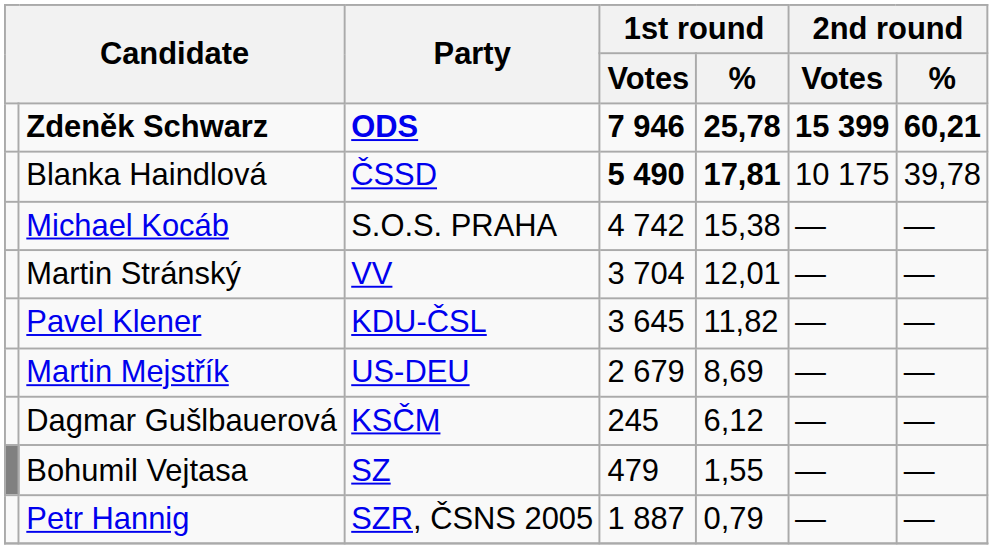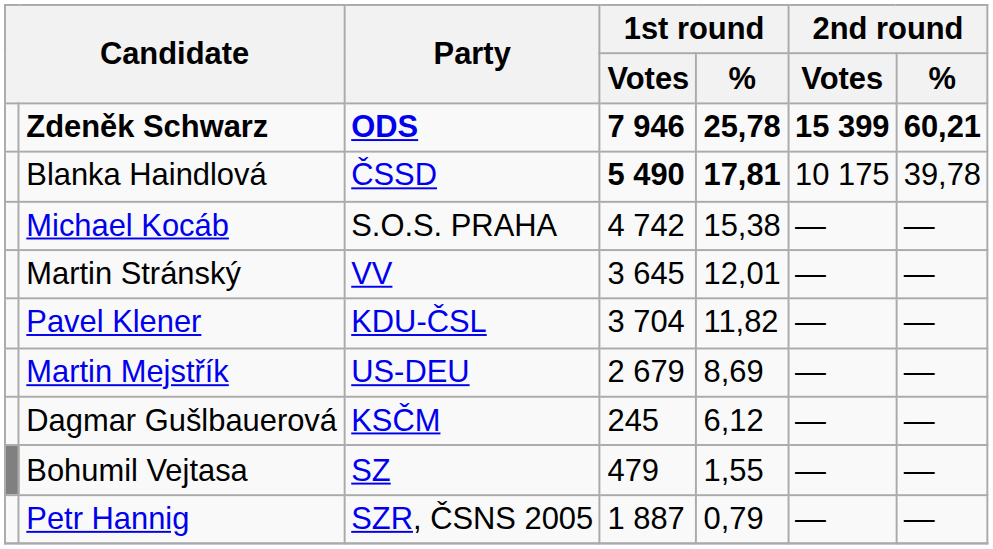 <table class="wikitable sortable">
 <tr>
 <th colspan="2" rowspan="2">Candidate</th>
 <th rowspan="2">Party</th>
 <th colspan="2">1st round</th>
 <th colspan="2">2nd round</th>
 </tr>
 <tr>
 <th>Votes</th>
 <th>%</th>
 <th>Votes</th>
 <th>%</th>
 </tr>
 <tr>
 <td style="background-color:"></td>
 <td><strong>Zdeněk Schwarz</strong></td>
 <td><a href='#'><strong>ODS</strong></a></td>
 <td><strong>7 946</strong></td>
 <td><strong>25,78</strong></td>
 <td><strong>15 399</strong></td>
 <td><strong>60,21</strong></td>
 </tr>
 <tr>
 <td style="background-color:"></td>
 <td>Blanka Haindlová</td>
 <td><a href='#'>ČSSD</a></td>
 <td><strong>5 490</strong></td>
 <td><strong>17,81</strong></td>
 <td>10 175</td>
 <td>39,78</td>
 </tr>
 <tr>
 <td style="background-color:"></td>
 <td><a href='#'>Michael Kocáb</a></td>
 <td>S.O.S. PRAHA</td>
 <td>4 742</td>
 <td>15,38</td>
 <td>—</td>
 <td>—</td>
 </tr>
 <tr>
 <td style="background-color:"></td>
 <td>Martin Stránský</td>
 <td><a href='#'>VV</a></td>
-<td>3 704</td>
+<td>3 645</td>
 <td>12,01</td>
 <td>—</td>
 <td>—</td>
 </tr>
 <tr>
 <td style="background-color:"></td>
 <td><a href='#'>Pavel Klener</a></td>
 <td><a href='#'>KDU-ČSL</a></td>
-<td>3 645</td>
+<td>3 704</td>
 <td>11,82</td>
 <td>—</td>
 <td>—</td>
 </tr>
 <tr>
 <td style="background-color:"></td>
 <td><a href='#'>Martin Mejstřík</a></td>
 <td><a href='#'>US-DEU</a></td>
 <td>2 679</td>
 <td>8,69</td>
 <td>—</td>
 <td>—</td>
 </tr>
 <tr>
 <td style="background-color:"></td>
 <td>Dagmar Gušlbauerová</td>
 <td><a href='#'>KSČM</a></td>
 <td>245</td>
 <td>6,12</td>
 <td>—</td>
 <td>—</td>
 </tr>
 <tr>
 <td style="background-color:grey"></td>
 <td>Bohumil Vejtasa</td>
 <td><a href='#'>SZ</a></td>
 <td>479</td>
 <td>1,55</td>
 <td>—</td>
 <td>—</td>
 </tr>
 <tr>
 <td style="background-color:"></td>
 <td><a href='#'>Petr Hannig</a></td>
 <td><a href='#'>SZR</a>, ČSNS 2005</td>
 <td>1 887</td>
 <td>0,79</td>
 <td>—</td>
 <td>—</td>
 </tr>
 <tr>
 </tr>
 </table>
